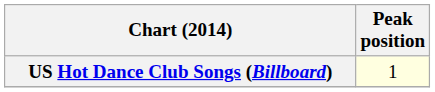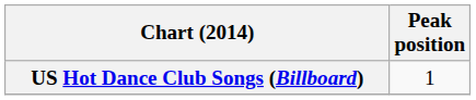 <table class="wikitable plainrowheaders">
 <tr>
 <th style="width:18em;" scope="col">Chart (2014)</th>
 <th scope="col">Peak<br>position</th>
 </tr>
 <tr>
 <th scope="row">US <a href='#'>Hot Dance Club Songs</a> (<em><a href='#'>Billboard</a></em>)</th>
-<td style="background: lightyellow; text-align:center;">1</td>
+<td style="text-align:center;">1</td>
 </tr>
 <tr>
 </tr>
 </table>
